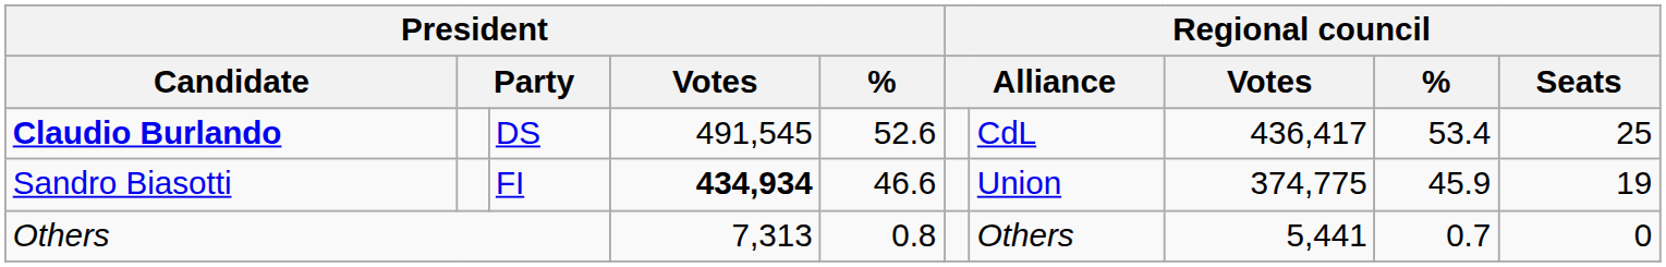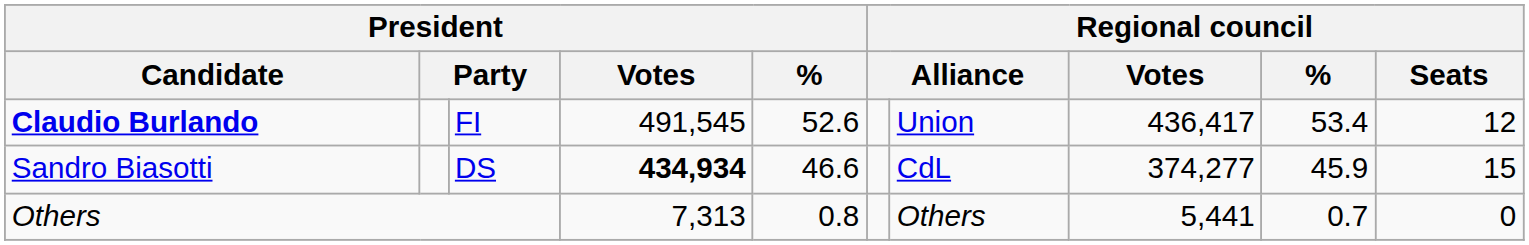 <table class="wikitable" style="text-align:right; style="width=65%">
 <tr>
 <th colspan="5">President</th>
 <th colspan="7">Regional council</th>
 </tr>
 <tr>
 <th>Candidate</th>
 <th colspan="2">Party</th>
 <th>Votes</th>
 <th>%</th>
 <th colspan="2">Alliance</th>
 <th>Votes</th>
 <th>%</th>
 <th>Seats</th>
 </tr>
 <tr>
 <td style="text-align:left"><strong><a href='#'>Claudio Burlando</a></strong></td>
 <td></td>
-<td style="text-align:left"><a href='#'>DS</a></td>
+<td style="text-align:left"><a href='#'>FI</a></td>
 <td>491,545</td>
 <td>52.6</td>
 <td></td>
-<td style="text-align:left"><a href='#'>CdL</a></td>
+<td style="text-align:left"><a href='#'>Union</a></td>
 <td>436,417</td>
 <td>53.4</td>
-<td>25</td>
+<td>12</td>
 </tr>
 <tr>
 <td style="text-align:left"><a href='#'>Sandro Biasotti</a></td>
 <td></td>
-<td style="text-align:left"><a href='#'>FI</a></td>
+<td style="text-align:left"><a href='#'>DS</a></td>
 <td><strong>434,934</strong></td>
 <td>46.6</td>
 <td></td>
-<td style="text-align:left"><a href='#'>Union</a></td>
-<td>374,775</td>
+<td style="text-align:left"><a href='#'>CdL</a></td>
+<td>374,277</td>
 <td>45.9</td>
-<td>19</td>
+<td>15</td>
 </tr>
 <tr>
 <td colspan="3" style="text-align:left"><em>Others</em></td>
 <td>7,313</td>
 <td>0.8</td>
 <td></td>
 <td style="text-align:left"><em>Others</em></td>
 <td>5,441</td>
 <td>0.7</td>
 <td>0</td>
 </tr>
 </table>
